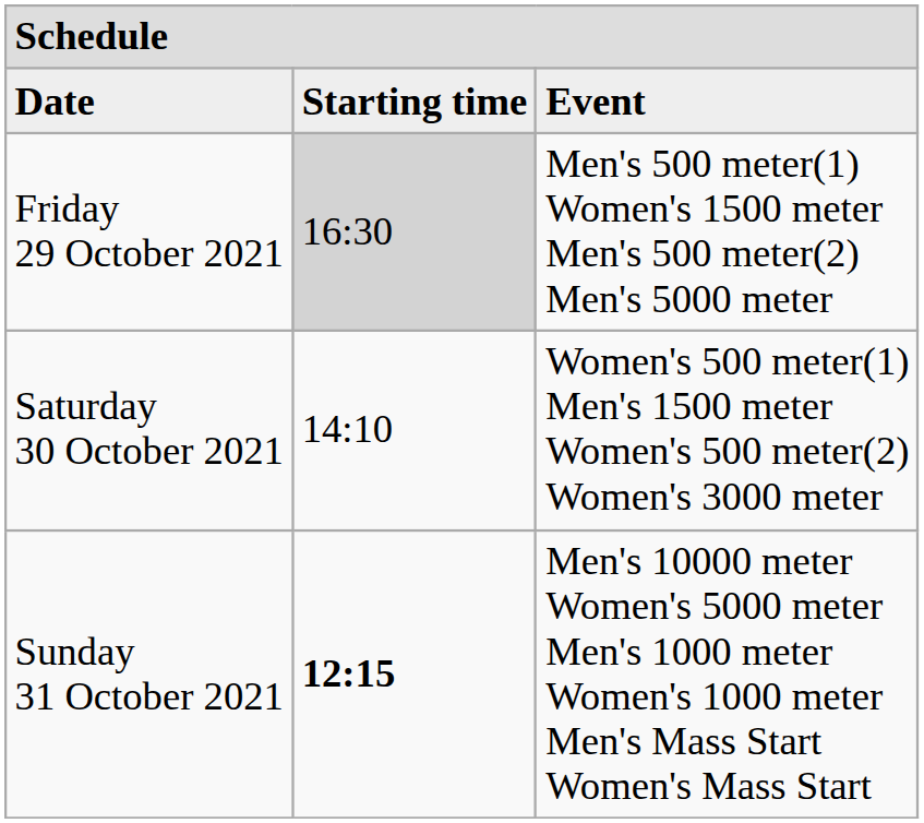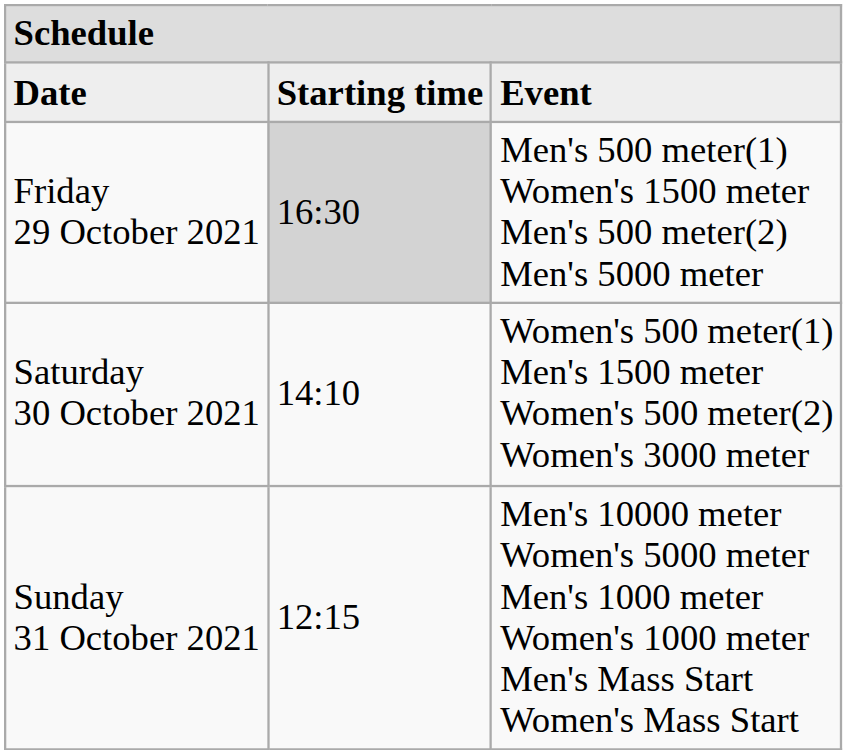 <table class="wikitable">
 <tr align=left bgcolor=#DDDDDD>
 <td colspan=3><strong>Schedule</strong></td>
 </tr>
 <tr align=left bgcolor=#EEEEEE>
 <td><strong>Date</strong></td>
 <td><strong>Starting time</strong></td>
 <td><strong>Event</strong></td>
 </tr>
 <tr>
 <td>Friday <br> 29 October 2021</td>
 <td style="background: lightgrey;">16:30</td>
 <td>Men's 500 meter(1) <br> Women's 1500 meter <br> Men's 500 meter(2) <br> Men's 5000 meter</td>
 </tr>
 <tr>
 <td>Saturday <br> 30 October 2021</td>
 <td>14:10</td>
 <td>Women's 500 meter(1) <br> Men's 1500 meter <br> Women's 500 meter(2) <br> Women's 3000 meter</td>
 </tr>
 <tr>
 <td>Sunday <br> 31 October 2021</td>
-<td><strong>12:15</strong></td>
+<td>12:15</td>
 <td>Men's 10000 meter <br> Women's 5000 meter <br> Men's 1000 meter <br> Women's 1000 meter <br> Men's Mass Start <br> Women's Mass Start</td>
 </tr>
 </table>
